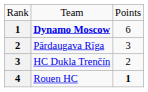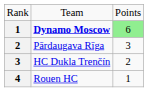 <table class="wikitable" style="text-align: center;">
 <tr>
 <td>Rank</td>
 <td>Team</td>
 <td>Points</td>
 </tr>
 <tr>
 <th>1</th>
 <td style="text-align: left;"> <strong><a href='#'>Dynamo Moscow</a></strong></td>
-<td>6</td>
+<td style="background: lightgreen;">6</td>
 </tr>
 <tr>
 <th>2</th>
 <td style="text-align: left;"> <a href='#'>Pārdaugava Rīga</a></td>
 <td>3</td>
 </tr>
 <tr>
 <th>3</th>
 <td style="text-align: left;"> <a href='#'>HC Dukla Trenčín</a></td>
 <td>2</td>
 </tr>
 <tr>
 <th>4</th>
 <td style="text-align: left;"> <a href='#'>Rouen HC</a></td>
-<td><strong>1</strong></td>
+<td>1</td>
 </tr>
 </table>
